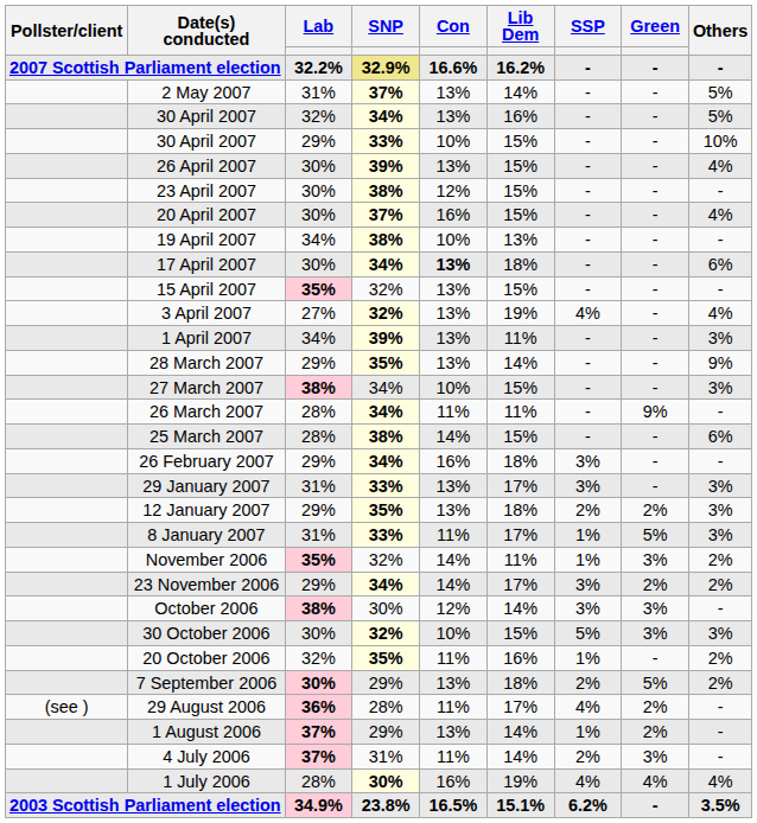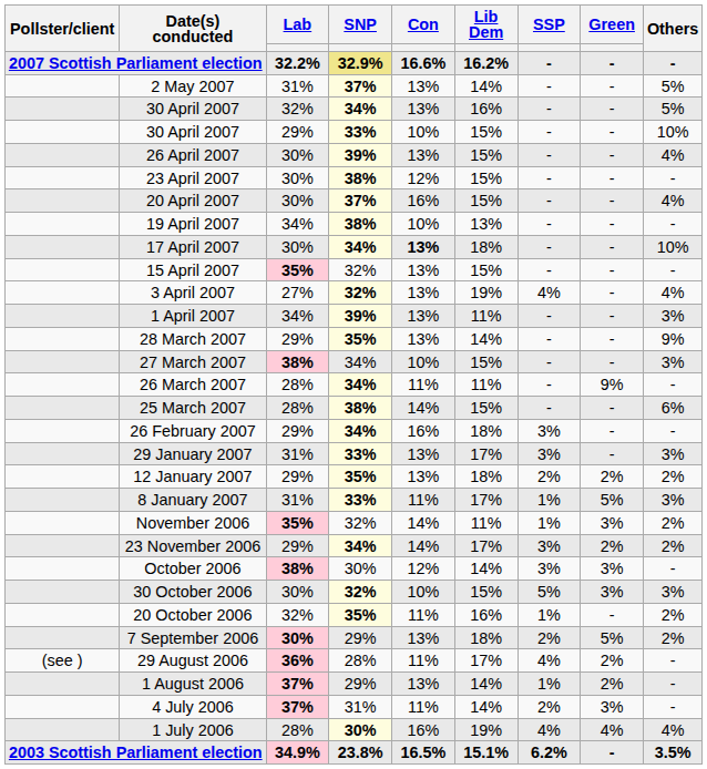 <table class="wikitable sortable" style="text-align:center;font-size:90%;line-height:14px;">
 <tr style="background:#cceeff;">
 <th data-sort-type="number" rowspan="2">Pollster/client</th>
 <th rowspan="2">Date(s)<br>conducted</th>
 <th class="unsortable" style="width:50px;"><a href='#'>Lab</a></th>
 <th class="unsortable" style="width:50px;"><a href='#'>SNP</a></th>
 <th class="unsortable" style="width:50px;"><a href='#'>Con</a></th>
 <th class="unsortable" style="width:50px;"><a href='#'>Lib Dem</a></th>
 <th class="unsortable" style="width:50px;"><a href='#'>SSP</a></th>
 <th class="unsortable" style="width:50px;"><a href='#'>Green</a></th>
 <th rowspan="2">Others</th>
 </tr>
 <tr>
 <th data-sort-type="number" style="background:"></th>
 <th data-sort-type="number" style="background:"></th>
 <th data-sort-type="number" style="background:"></th>
 <th data-sort-type="number" style="background:"></th>
 <th data-sort-type="number" style="background:"></th>
 <th data-sort-type="number" style="background:"></th>
 </tr>
 <tr style="background:#e9e9e9; font-weight:bold;">
 <td colspan="2"><a href='#'>2007 Scottish Parliament election</a></td>
 <td>32.2%</td>
 <td style="background:#F0E68C">32.9%</td>
 <td>16.6%</td>
 <td>16.2%</td>
 <td>-</td>
 <td>-</td>
 <td>-</td>
 </tr>
 <tr>
 <td></td>
 <td>2 May 2007</td>
 <td>31%</td>
 <td style="background:#FEFDDE;"><strong>37%</strong></td>
 <td>13%</td>
 <td>14%</td>
 <td>-</td>
 <td>-</td>
 <td>5%</td>
 </tr>
 <tr style="background:#e9e9e9;">
 <td></td>
 <td>30 April 2007</td>
 <td>32%</td>
 <td style="background:#FEFDDE;"><strong>34%</strong></td>
 <td>13%</td>
 <td>16%</td>
 <td>-</td>
 <td>-</td>
 <td>5%</td>
 </tr>
 <tr>
 <td></td>
 <td>30 April 2007</td>
 <td>29%</td>
 <td style="background:#FEFDDE;"><strong>33%</strong></td>
 <td>10%</td>
 <td>15%</td>
 <td>-</td>
 <td>-</td>
 <td>10%</td>
 </tr>
 <tr style="background:#e9e9e9;">
 <td></td>
 <td>26 April 2007</td>
 <td>30%</td>
 <td style="background:#FEFDDE;"><strong>39%</strong></td>
 <td>13%</td>
 <td>15%</td>
 <td>-</td>
 <td>-</td>
 <td>4%</td>
 </tr>
 <tr>
 <td></td>
 <td>23 April 2007</td>
 <td>30%</td>
 <td style="background:#FEFDDE;"><strong>38%</strong></td>
 <td>12%</td>
 <td>15%</td>
 <td>-</td>
 <td>-</td>
 <td>-</td>
 </tr>
 <tr style="background:#e9e9e9;">
 <td></td>
 <td>20 April 2007</td>
 <td>30%</td>
 <td style="background:#FEFDDE;"><strong>37%</strong></td>
 <td>16%</td>
 <td>15%</td>
 <td>-</td>
 <td>-</td>
 <td>4%</td>
 </tr>
 <tr>
 <td></td>
 <td>19 April 2007</td>
 <td>34%</td>
 <td style="background:#FEFDDE;"><strong>38%</strong></td>
 <td>10%</td>
 <td>13%</td>
 <td>-</td>
 <td>-</td>
 <td>-</td>
 </tr>
 <tr style="background:#e9e9e9;">
 <td></td>
 <td>17 April 2007</td>
 <td>30%</td>
 <td style="background:#FEFDDE;"><strong>34%</strong></td>
 <td><strong>13%</strong></td>
 <td>18%</td>
 <td>-</td>
 <td>-</td>
-<td>6%</td>
+<td>10%</td>
 </tr>
 <tr>
 <td></td>
 <td>15 April 2007</td>
 <td style="background:#FFCCD9;"><strong>35%</strong></td>
 <td>32%</td>
 <td>13%</td>
 <td>15%</td>
 <td>-</td>
 <td>-</td>
 <td>-</td>
 </tr>
 <tr>
 <td></td>
 <td>3 April 2007</td>
 <td>27%</td>
 <td style="background:#FEFDDE;"><strong>32%</strong></td>
 <td>13%</td>
 <td>19%</td>
 <td>4%</td>
 <td>-</td>
 <td>4%</td>
 </tr>
 <tr style="background:#e9e9e9;">
 <td></td>
 <td>1 April 2007</td>
 <td>34%</td>
 <td style="background:#FEFDDE;"><strong>39%</strong></td>
 <td>13%</td>
 <td>11%</td>
 <td>-</td>
 <td>-</td>
 <td>3%</td>
 </tr>
 <tr>
 <td></td>
 <td>28 March 2007</td>
 <td>29%</td>
 <td style="background:#FEFDDE;"><strong>35%</strong></td>
 <td>13%</td>
 <td>14%</td>
 <td>-</td>
 <td>-</td>
 <td>9%</td>
 </tr>
 <tr style="background:#e9e9e9;">
 <td></td>
 <td>27 March 2007</td>
 <td style="background:#FFCCD9;"><strong>38%</strong></td>
 <td>34%</td>
 <td>10%</td>
 <td>15%</td>
 <td>-</td>
 <td>-</td>
 <td>3%</td>
 </tr>
 <tr>
 <td></td>
 <td>26 March 2007</td>
 <td>28%</td>
 <td style="background:#FEFDDE;"><strong>34%</strong></td>
 <td>11%</td>
 <td>11%</td>
 <td>-</td>
 <td>9%</td>
 <td>-</td>
 </tr>
 <tr style="background:#e9e9e9;">
 <td></td>
 <td>25 March 2007</td>
 <td>28%</td>
 <td style="background:#FEFDDE;"><strong>38%</strong></td>
 <td>14%</td>
 <td>15%</td>
 <td>-</td>
 <td>-</td>
 <td>6%</td>
 </tr>
 <tr>
 <td></td>
 <td>26 February 2007</td>
 <td>29%</td>
 <td style="background:#FEFDDE;"><strong>34%</strong></td>
 <td>16%</td>
 <td>18%</td>
 <td>3%</td>
 <td>-</td>
 <td>-</td>
 </tr>
 <tr style="background:#e9e9e9;">
 <td></td>
 <td>29 January 2007</td>
 <td>31%</td>
 <td style="background:#FEFDDE;"><strong>33%</strong></td>
 <td>13%</td>
 <td>17%</td>
 <td>3%</td>
 <td>-</td>
 <td>3%</td>
 </tr>
 <tr>
 <td></td>
 <td>12 January 2007</td>
 <td>29%</td>
 <td style="background:#FEFDDE;"><strong>35%</strong></td>
 <td>13%</td>
 <td>18%</td>
 <td>2%</td>
 <td>2%</td>
-<td>3%</td>
+<td>2%</td>
 </tr>
 <tr style="background:#e9e9e9;">
 <td></td>
 <td>8 January 2007</td>
 <td>31%</td>
 <td style="background:#FEFDDE;"><strong>33%</strong></td>
 <td>11%</td>
 <td>17%</td>
 <td>1%</td>
 <td>5%</td>
 <td>3%</td>
 </tr>
 <tr>
 <td></td>
 <td>November 2006</td>
 <td style="background:#FFCCD9;"><strong>35%</strong></td>
 <td>32%</td>
 <td>14%</td>
 <td>11%</td>
 <td>1%</td>
 <td>3%</td>
 <td>2%</td>
 </tr>
 <tr style="background:#e9e9e9;">
 <td></td>
 <td>23 November 2006</td>
 <td>29%</td>
 <td style="background:#FEFDDE;"><strong>34%</strong></td>
 <td>14%</td>
 <td>17%</td>
 <td>3%</td>
 <td>2%</td>
 <td>2%</td>
 </tr>
 <tr>
 <td></td>
 <td>October 2006</td>
 <td style="background:#FFCCD9;"><strong>38%</strong></td>
 <td>30%</td>
 <td>12%</td>
 <td>14%</td>
 <td>3%</td>
 <td>3%</td>
 <td>-</td>
 </tr>
 <tr style="background:#e9e9e9;">
 <td></td>
 <td>30 October 2006</td>
 <td>30%</td>
 <td style="background:#FEFDDE;"><strong>32%</strong></td>
 <td>10%</td>
 <td>15%</td>
 <td>5%</td>
 <td>3%</td>
 <td>3%</td>
 </tr>
 <tr>
 <td></td>
 <td>20 October 2006</td>
 <td>32%</td>
 <td style="background:#FEFDDE;"><strong>35%</strong></td>
 <td>11%</td>
 <td>16%</td>
 <td>1%</td>
 <td>-</td>
 <td>2%</td>
 </tr>
 <tr style="background:#e9e9e9;">
 <td></td>
 <td>7 September 2006</td>
 <td style="background:#FFCCD9;"><strong>30%</strong></td>
 <td>29%</td>
 <td>13%</td>
 <td>18%</td>
 <td>2%</td>
 <td>5%</td>
 <td>2%</td>
 </tr>
 <tr>
 <td> (see )</td>
 <td>29 August 2006</td>
 <td style="background:#FFCCD9;"><strong>36%</strong></td>
 <td>28%</td>
 <td>11%</td>
 <td>17%</td>
 <td>4%</td>
 <td>2%</td>
 <td>-</td>
 </tr>
 <tr style="background:#e9e9e9;">
 <td></td>
 <td>1 August 2006</td>
 <td style="background:#FFCCD9;"><strong>37%</strong></td>
 <td>29%</td>
 <td>13%</td>
 <td>14%</td>
 <td>1%</td>
 <td>2%</td>
 <td>-</td>
 </tr>
 <tr>
 <td></td>
 <td>4 July 2006</td>
 <td style="background:#FFCCD9;"><strong>37%</strong></td>
 <td>31%</td>
 <td>11%</td>
 <td>14%</td>
 <td>2%</td>
 <td>3%</td>
 <td>-</td>
 </tr>
 <tr style="background:#e9e9e9;">
 <td></td>
 <td>1 July 2006</td>
 <td>28%</td>
 <td style="background:#FEFDDE;"><strong>30%</strong></td>
 <td>16%</td>
 <td>19%</td>
 <td>4%</td>
 <td>4%</td>
 <td>4%</td>
 </tr>
 <tr style="background:#e9e9e9; font-weight:bold;">
 <td colspan="2"><a href='#'>2003 Scottish Parliament election</a></td>
 <td style="background:#FFCCD9;"><strong>34.9%</strong></td>
 <td>23.8%</td>
 <td>16.5%</td>
 <td>15.1%</td>
 <td>6.2%</td>
 <td>-</td>
 <td>3.5%</td>
 </tr>
 </table>
